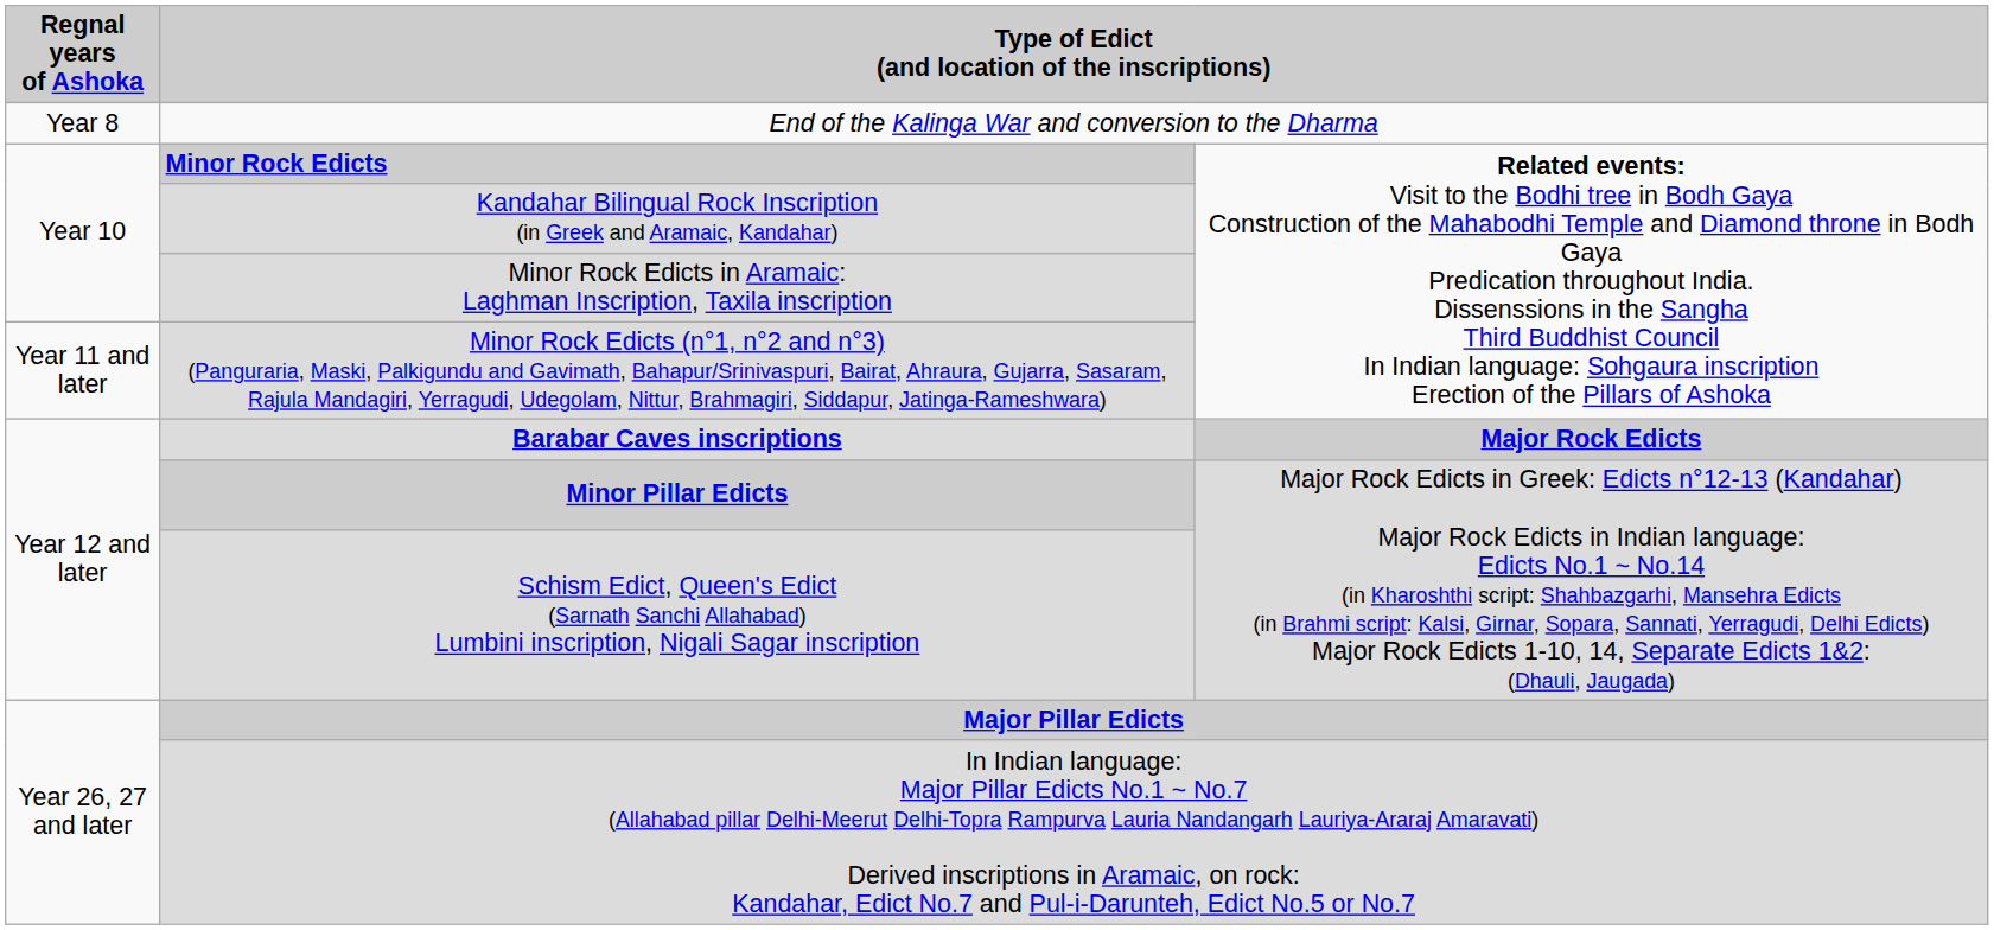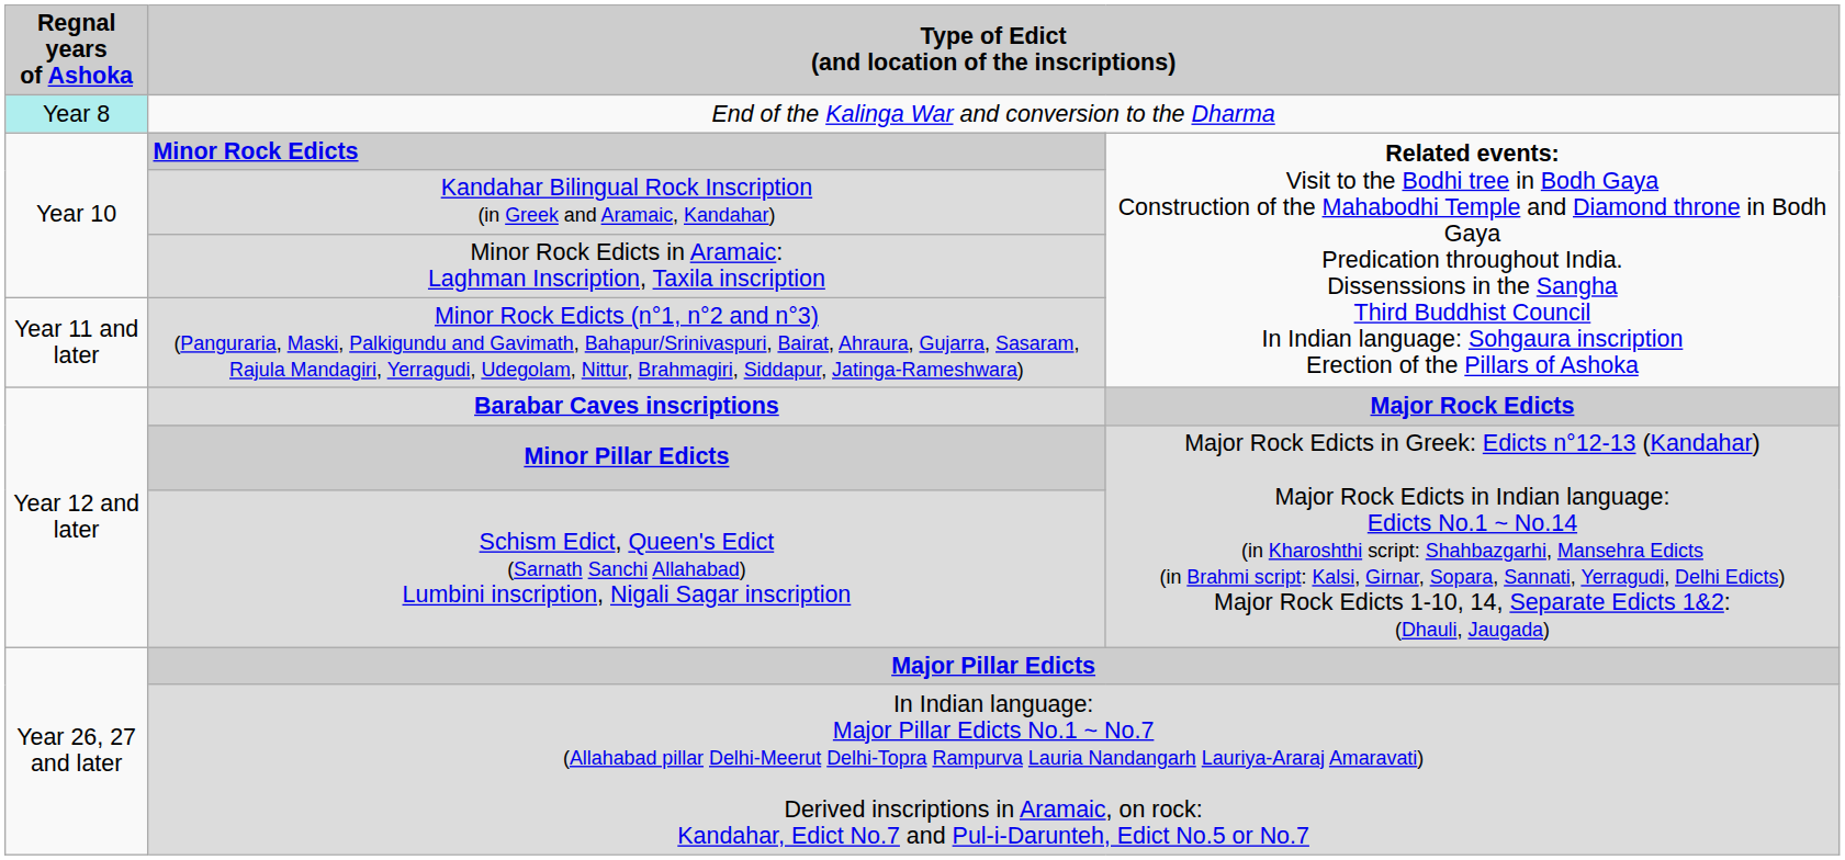 <table class="wikitable" style="text-align:center;">
 <tr>
 <th style="background-color:#cdcdcd;">Regnal years<br>of <a href='#'>Ashoka</a></th>
 <th colspan=4 style="background-color:#cdcdcd;">Type of Edict<br>(and location of the inscriptions)</th>
 </tr>
 <tr>
-<td>Year 8</td>
+<td style="background: paleturquoise;">Year 8</td>
 <td colspan=4><em>End of the <a href='#'>Kalinga War</a> and conversion to the <a href='#'>Dharma</a></em></td>
 </tr>
 <tr>
 <td rowspan=3>Year 10</td>
 <td align=left style="background-color:#cdcdcd;" align="center"><strong><a href='#'>Minor Rock Edicts</a></strong></td>
 <td colspan=3  rowspan=4><strong>Related events:</strong><br>Visit to the <a href='#'>Bodhi tree</a> in <a href='#'>Bodh Gaya</a><br>Construction of the <a href='#'>Mahabodhi Temple</a> and <a href='#'>Diamond throne</a> in Bodh Gaya<br>Predication throughout India.<br>Dissenssions in the <a href='#'>Sangha</a><br><a href='#'>Third Buddhist Council</a><br>In Indian language: <a href='#'>Sohgaura inscription</a><br>Erection of the <a href='#'>Pillars of Ashoka</a></td>
 </tr>
 <tr>
 <td style="background-color:#dcdcdc;"><a href='#'>Kandahar Bilingual Rock Inscription</a><br><small>(in <a href='#'>Greek</a> and <a href='#'>Aramaic</a>, <a href='#'>Kandahar</a>)</small></td>
 </tr>
 <tr>
 <td style="background-color:#dcdcdc;">Minor Rock Edicts in <a href='#'>Aramaic</a>:<br><a href='#'>Laghman Inscription</a>, <a href='#'>Taxila inscription</a></td>
 </tr>
 <tr>
 <td>Year 11 and later</td>
 <td style="background-color:#dcdcdc;"><a href='#'>Minor Rock Edicts (n°1, n°2 and n°3)</a><br><small>(<a href='#'>Panguraria</a>, <a href='#'>Maski</a>, <a href='#'>Palkigundu and Gavimath</a>, <a href='#'>Bahapur/Srinivaspuri</a>, <a href='#'>Bairat</a>, <a href='#'>Ahraura</a>, <a href='#'>Gujarra</a>, <a href='#'>Sasaram</a>, <a href='#'>Rajula Mandagiri</a>, <a href='#'>Yerragudi</a>, <a href='#'>Udegolam</a>, <a href='#'>Nittur</a>, <a href='#'>Brahmagiri</a>, <a href='#'>Siddapur</a>, <a href='#'>Jatinga-Rameshwara</a>)</small></td>
 </tr>
 <tr>
 <td rowspan=3>Year 12 and later</td>
 <td style="background-color:#dcdcdc;"><strong><a href='#'>Barabar Caves inscriptions</a></strong></td>
 <td colspan=3 style="background-color:#cdcdcd;" width="40%"><strong><a href='#'>Major Rock Edicts</a></strong></td>
 </tr>
 <tr>
 <td style="background-color:#cdcdcd;"><strong><a href='#'>Minor Pillar Edicts</a></strong></td>
 <td colspan=3 rowspan=2 style="background-color:#dcdcdc;">Major Rock Edicts in Greek: <a href='#'>Edicts n°12-13</a> (<a href='#'>Kandahar</a>)<br><br>Major Rock Edicts in Indian language:<br><a href='#'>Edicts No.1 ~ No.14</a><br><small>(in <a href='#'>Kharoshthi</a> script: <a href='#'>Shahbazgarhi</a>, <a href='#'>Mansehra Edicts</a></small><br><small>(in <a href='#'>Brahmi script</a>: <a href='#'>Kalsi</a>, <a href='#'>Girnar</a>, <a href='#'>Sopara</a>, <a href='#'>Sannati</a>, <a href='#'>Yerragudi</a>, <a href='#'>Delhi Edicts</a>)</small><br>Major Rock Edicts 1-10, 14, <a href='#'>Separate Edicts 1&2</a>:<br><small>(<a href='#'>Dhauli</a>, <a href='#'>Jaugada</a>)</small></td>
 </tr>
 <tr>
 <td style="background-color:#dcdcdc;"><a href='#'>Schism Edict</a>, <a href='#'>Queen's Edict</a><br><small>(<a href='#'>Sarnath</a> <a href='#'>Sanchi</a> <a href='#'>Allahabad</a>)</small><br><a href='#'>Lumbini inscription</a>, <a href='#'>Nigali Sagar inscription</a></td>
 </tr>
 <tr>
 <td rowspan=2>Year 26, 27<br>and later</td>
 <td colspan=2 style="background-color:#cdcdcd;"><strong><a href='#'>Major Pillar Edicts</a></strong></td>
 </tr>
 <tr>
 <td colspan=2 style="background-color:#dcdcdc;">In Indian language:<br><a href='#'>Major Pillar Edicts No.1 ~ No.7</a><br><small>(<a href='#'>Allahabad pillar</a> <a href='#'>Delhi-Meerut</a> <a href='#'>Delhi-Topra</a> <a href='#'>Rampurva</a> <a href='#'>Lauria Nandangarh</a> <a href='#'>Lauriya-Araraj</a> <a href='#'>Amaravati</a>)</small><br><br>Derived inscriptions in <a href='#'>Aramaic</a>, on rock:<br> <a href='#'>Kandahar, Edict No.7</a> and <a href='#'>Pul-i-Darunteh, Edict No.5 or No.7</a></td>
 </tr>
 </table>
